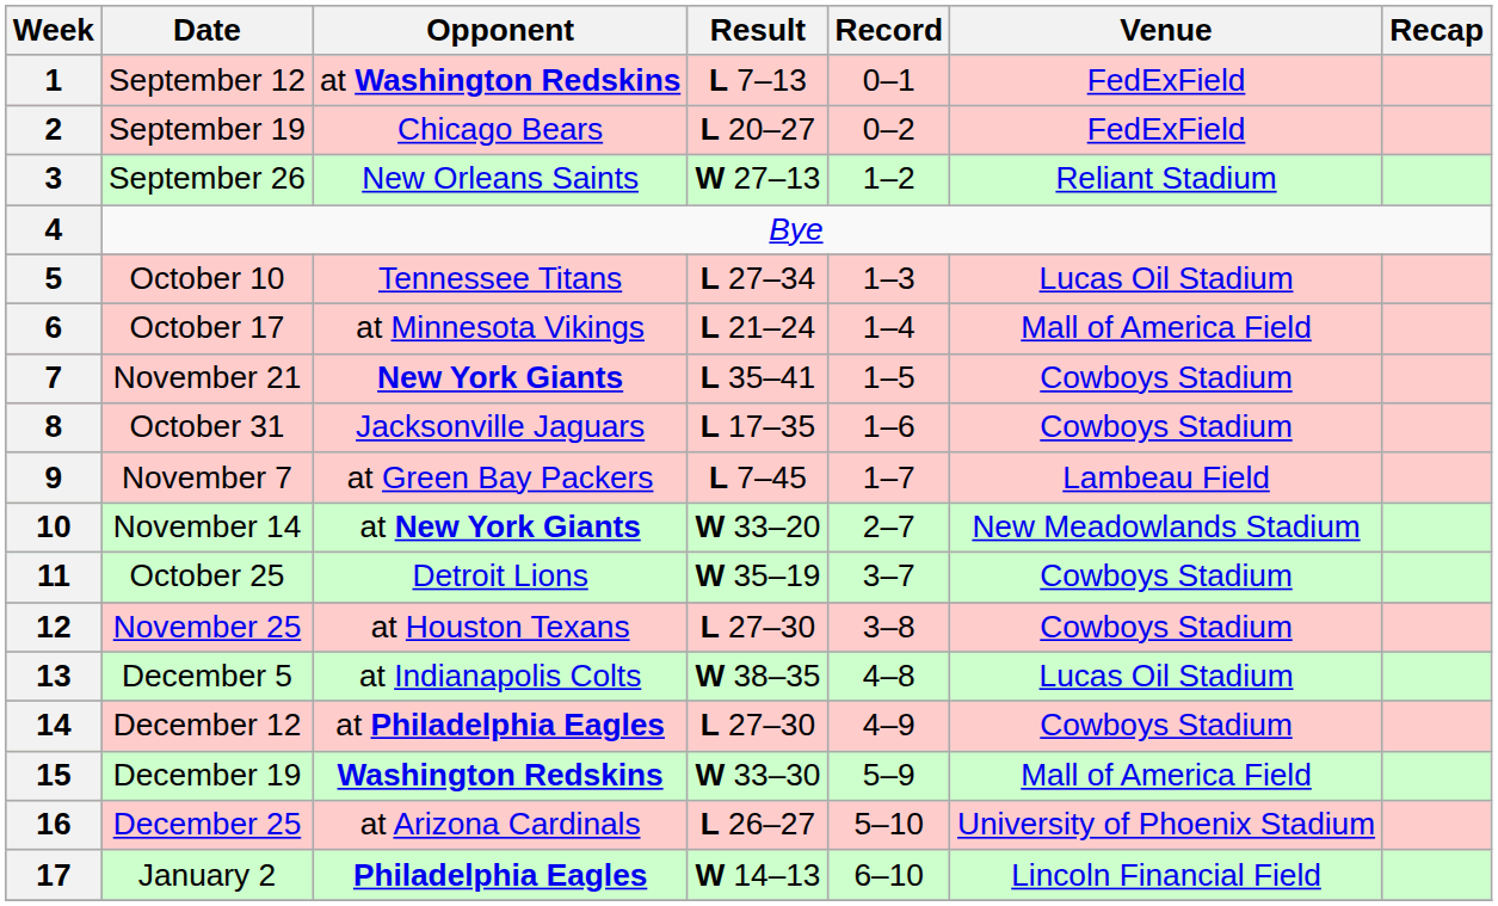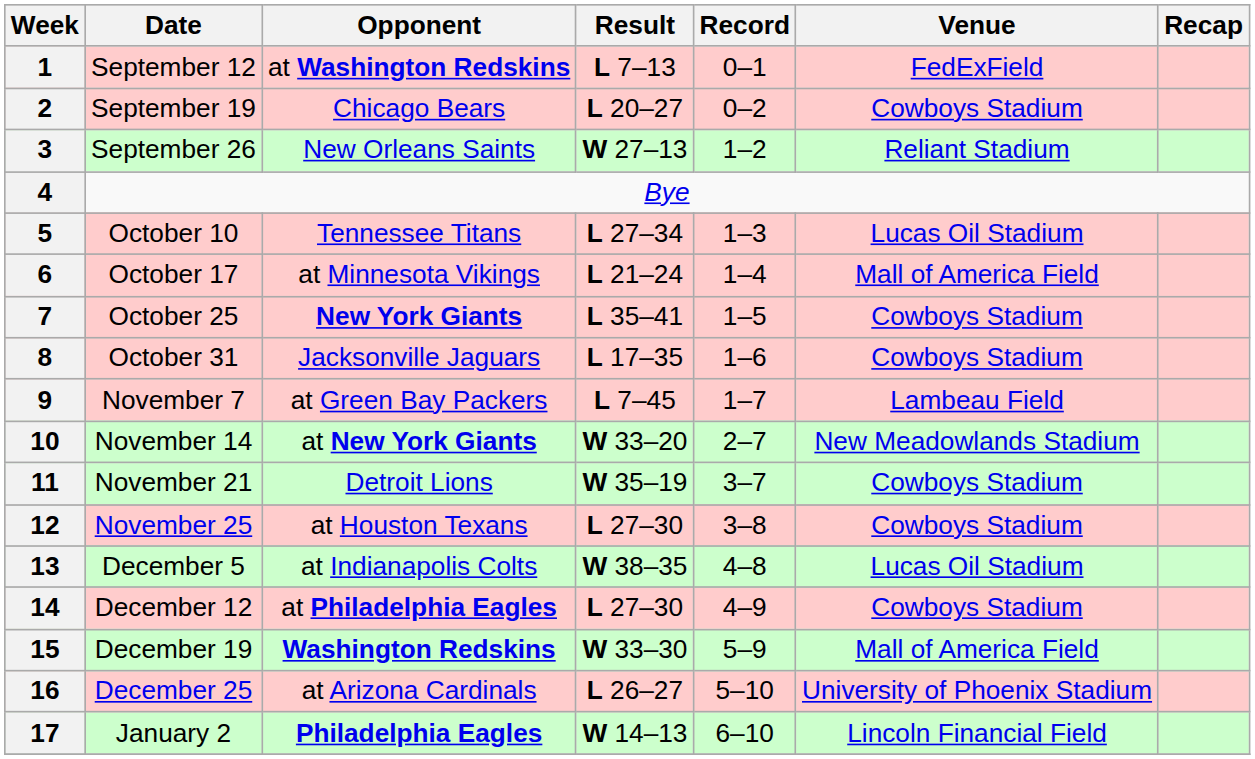 <table class="wikitable" style="text-align:center">
 <tr>
 <th>Week</th>
 <th>Date</th>
 <th>Opponent</th>
 <th>Result</th>
 <th>Record</th>
 <th>Venue</th>
 <th>Recap</th>
 </tr>
 <tr style="background:#fcc;">
 <th>1</th>
 <td>September 12</td>
 <td>at <strong><a href='#'>Washington Redskins</a></strong></td>
 <td><strong>L</strong> 7–13</td>
 <td>0–1</td>
 <td><a href='#'>FedExField</a></td>
 <td></td>
 </tr>
 <tr style="background:#fcc;">
 <th>2</th>
 <td>September 19</td>
 <td><a href='#'>Chicago Bears</a></td>
 <td><strong>L</strong> 20–27</td>
 <td>0–2</td>
-<td><a href='#'>FedExField</a></td>
+<td><a href='#'>Cowboys Stadium</a></td>
 <td></td>
 </tr>
 <tr style="background:#cfc;">
 <th>3</th>
 <td>September 26</td>
 <td><a href='#'>New Orleans Saints</a></td>
 <td><strong>W</strong> 27–13</td>
 <td>1–2</td>
 <td><a href='#'>Reliant Stadium</a></td>
 <td></td>
 </tr>
 <tr>
 <th>4</th>
 <td colspan="9"><em><a href='#'>Bye</a></em></td>
 </tr>
 <tr style="background:#fcc;">
 <th>5</th>
 <td>October 10</td>
 <td><a href='#'>Tennessee Titans</a></td>
 <td><strong>L</strong> 27–34</td>
 <td>1–3</td>
 <td><a href='#'>Lucas Oil Stadium</a></td>
 <td></td>
 </tr>
 <tr style="background:#fcc;">
 <th>6</th>
 <td>October 17</td>
 <td>at <a href='#'>Minnesota Vikings</a></td>
 <td><strong>L</strong> 21–24</td>
 <td>1–4</td>
 <td><a href='#'>Mall of America Field</a></td>
 <td></td>
 </tr>
 <tr style="background:#fcc;">
 <th>7</th>
-<td>November 21</td>
+<td>October 25</td>
 <td><strong><a href='#'>New York Giants</a></strong></td>
 <td><strong>L</strong> 35–41</td>
 <td>1–5</td>
 <td><a href='#'>Cowboys Stadium</a></td>
 <td></td>
 </tr>
 <tr style="background:#fcc;">
 <th>8</th>
 <td>October 31</td>
 <td><a href='#'>Jacksonville Jaguars</a></td>
 <td><strong>L</strong> 17–35</td>
 <td>1–6</td>
 <td><a href='#'>Cowboys Stadium</a></td>
 <td></td>
 </tr>
 <tr style="background:#fcc;">
 <th>9</th>
 <td>November 7</td>
 <td>at <a href='#'>Green Bay Packers</a></td>
 <td><strong>L</strong> 7–45</td>
 <td>1–7</td>
 <td><a href='#'>Lambeau Field</a></td>
 <td></td>
 </tr>
 <tr style="Background:#cfc;">
 <th>10</th>
 <td>November 14</td>
 <td>at <strong><a href='#'>New York Giants</a></strong></td>
 <td><strong>W</strong> 33–20</td>
 <td>2–7</td>
 <td><a href='#'>New Meadowlands Stadium</a></td>
 <td></td>
 </tr>
 <tr style="Background:#cfc;">
 <th>11</th>
-<td>October 25</td>
+<td>November 21</td>
 <td><a href='#'>Detroit Lions</a></td>
 <td><strong>W</strong> 35–19</td>
 <td>3–7</td>
 <td><a href='#'>Cowboys Stadium</a></td>
 <td></td>
 </tr>
 <tr style="Background:#fcc;">
 <th>12</th>
 <td><a href='#'>November 25</a></td>
 <td>at <a href='#'>Houston Texans</a></td>
 <td><strong>L</strong> 27–30</td>
 <td>3–8</td>
 <td><a href='#'>Cowboys Stadium</a></td>
 <td></td>
 </tr>
 <tr style="Background:#cfc;">
 <th>13</th>
 <td>December 5</td>
 <td>at <a href='#'>Indianapolis Colts</a></td>
 <td><strong>W</strong> 38–35 </td>
 <td>4–8</td>
 <td><a href='#'>Lucas Oil Stadium</a></td>
 <td></td>
 </tr>
 <tr style="background:#fcc;">
 <th>14</th>
 <td>December 12</td>
 <td>at <strong><a href='#'>Philadelphia Eagles</a></strong></td>
 <td><strong>L</strong> 27–30</td>
 <td>4–9</td>
 <td><a href='#'>Cowboys Stadium</a></td>
 <td></td>
 </tr>
 <tr style="background:#cfc;">
 <th>15</th>
 <td>December 19</td>
 <td><strong><a href='#'>Washington Redskins</a></strong></td>
 <td><strong>W</strong> 33–30</td>
 <td>5–9</td>
 <td><a href='#'>Mall of America Field</a></td>
 <td></td>
 </tr>
 <tr style="background:#fcc;">
 <th>16</th>
 <td><a href='#'>December 25</a></td>
 <td>at <a href='#'>Arizona Cardinals</a></td>
 <td><strong>L</strong> 26–27</td>
 <td>5–10</td>
 <td><a href='#'>University of Phoenix Stadium</a></td>
 <td></td>
 </tr>
 <tr style="background:#cfc;">
 <th>17</th>
 <td>January 2</td>
 <td><strong><a href='#'>Philadelphia Eagles</a></strong></td>
 <td><strong>W</strong> 14–13</td>
 <td>6–10</td>
 <td><a href='#'>Lincoln Financial Field</a></td>
 <td></td>
 </tr>
 <tr>
 </tr>
 </table>
